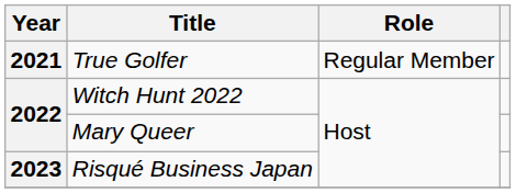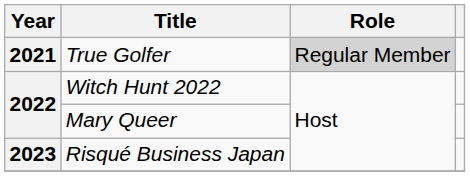 <table class="wikitable  plainrowheaders">
 <tr>
 <th scope="col">Year</th>
 <th scope="col">Title</th>
 <th scope="col">Role</th>
 <th scope="col" class="unsortable"></th>
 </tr>
 <tr>
 <th scope="row"><strong>2021</strong></th>
 <td><em>True Golfer</em></td>
-<td>Regular Member</td>
+<td style="background: lightgrey;">Regular Member</td>
 <td></td>
 </tr>
 <tr>
 <th scope="row"  rowspan=2><strong>2022</strong></th>
 <td><em>Witch Hunt 2022</em></td>
 <td rowspan="3">Host</td>
 <td></td>
 </tr>
 <tr>
 <td><em>Mary Queer</em></td>
 <td></td>
 </tr>
 <tr>
 <th>2023</th>
 <td><em>Risqué Business Japan</em></td>
 <td></td>
 </tr>
 <tr>
 </tr>
 </table>
